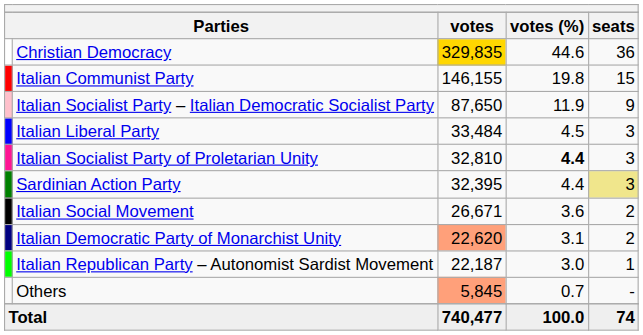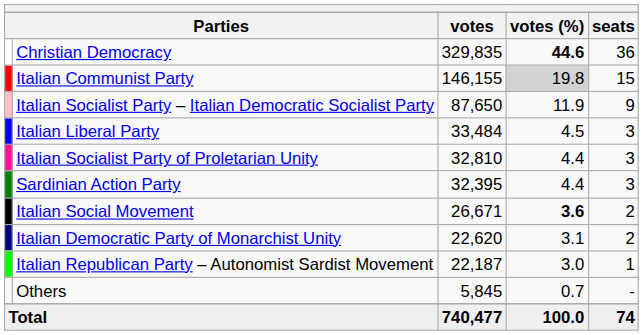 <table class="wikitable" style="font-size:95%">
 <tr>
 <th colspan=5></th>
 </tr>
 <tr>
 </tr>
 <tr bgcolor="EFEFEF">
 <th Colspan=2>Parties</th>
 <th>votes</th>
 <th>votes (%)</th>
 <th>seats</th>
 </tr>
 <tr>
 <td bgcolor=White></td>
 <td><a href='#'>Christian Democracy</a></td>
-<td align=right style="background: gold;">329,835</td>
-<td align=right>44.6</td>
+<td align=right>329,835</td>
+<td align=right><strong>44.6</strong></td>
 <td align=right>36</td>
 </tr>
 <tr>
 <td bgcolor=Red></td>
 <td><a href='#'>Italian Communist Party</a></td>
 <td align=right>146,155</td>
-<td align=right>19.8</td>
+<td align=right style="background: lightgrey;">19.8</td>
 <td align=right>15</td>
 </tr>
 <tr>
 <td bgcolor=Pink></td>
 <td><a href='#'>Italian Socialist Party</a> – <a href='#'>Italian Democratic Socialist Party</a></td>
 <td align=right>87,650</td>
 <td align=right>11.9</td>
 <td align=right>9</td>
 </tr>
 <tr>
 <td bgcolor=Blue></td>
 <td><a href='#'>Italian Liberal Party</a></td>
 <td align=right>33,484</td>
 <td align=right>4.5</td>
 <td align=right>3</td>
 </tr>
 <tr>
 <td bgcolor=Deeppink></td>
 <td><a href='#'>Italian Socialist Party of Proletarian Unity</a></td>
 <td align=right>32,810</td>
-<td align=right><strong>4.4</strong></td>
+<td align=right>4.4</td>
 <td align=right>3</td>
 </tr>
 <tr>
 <td bgcolor=Green></td>
 <td><a href='#'>Sardinian Action Party</a></td>
 <td align=right>32,395</td>
 <td align=right>4.4</td>
-<td align=right style="background: khaki;">3</td>
+<td align=right>3</td>
 </tr>
 <tr>
 <td bgcolor=Black></td>
 <td><a href='#'>Italian Social Movement</a></td>
 <td align=right>26,671</td>
-<td align=right>3.6</td>
+<td align=right><strong>3.6</strong></td>
 <td align=right>2</td>
 </tr>
 <tr>
 <td bgcolor=Navy></td>
 <td><a href='#'>Italian Democratic Party of Monarchist Unity</a></td>
-<td align=right style="background: lightsalmon;">22,620</td>
+<td align=right>22,620</td>
 <td align=right>3.1</td>
 <td align=right>2</td>
 </tr>
 <tr>
 <td bgcolor=Lime></td>
 <td><a href='#'>Italian Republican Party</a> – Autonomist Sardist Movement</td>
 <td align=right>22,187</td>
 <td align=right>3.0</td>
 <td align=right>1</td>
 </tr>
 <tr>
 <td bgcolor=></td>
 <td>Others</td>
-<td align=right style="background: lightsalmon;">5,845</td>
+<td align=right>5,845</td>
 <td align=right>0.7</td>
 <td align=right>-</td>
 </tr>
 <tr>
 </tr>
 <tr bgcolor="EFEFEF">
 <td Colspan=2><strong>Total</strong></td>
 <td align=right><strong>740,477</strong></td>
 <td align=right><strong>100.0</strong></td>
 <td align=right><strong>74</strong></td>
 </tr>
 </table>
